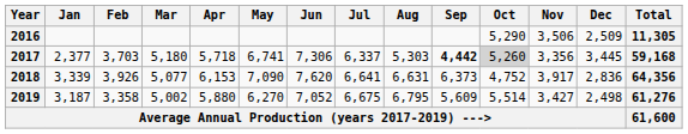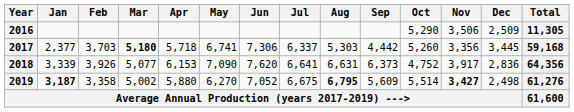 <table class=wikitable style="text-align:right; font-size:0.9em; width:650px;">
 <tr>
 <th>Year</th>
 <th>Jan</th>
 <th>Feb</th>
 <th>Mar</th>
 <th>Apr</th>
 <th>May</th>
 <th>Jun</th>
 <th>Jul</th>
 <th>Aug</th>
 <th>Sep</th>
 <th>Oct</th>
 <th>Nov</th>
 <th>Dec</th>
 <th>Total</th>
 </tr>
 <tr>
 <th>2016</th>
 <td></td>
 <td></td>
 <td></td>
 <td></td>
 <td></td>
 <td></td>
 <td></td>
 <td></td>
 <td></td>
 <td>5,290</td>
 <td>3,506</td>
 <td>2,509</td>
 <th>11,305</th>
 </tr>
 <tr>
 <th>2017</th>
 <td>2,377</td>
 <td>3,703</td>
-<td>5,180</td>
+<td><strong>5,180</strong></td>
 <td>5,718</td>
 <td>6,741</td>
 <td>7,306</td>
 <td>6,337</td>
 <td>5,303</td>
-<td><strong>4,442</strong></td>
-<td style="background: lightgrey;">5,260</td>
+<td>4,442</td>
+<td>5,260</td>
 <td>3,356</td>
 <td>3,445</td>
 <th>59,168</th>
 </tr>
 <tr>
 <th>2018</th>
 <td>3,339</td>
 <td>3,926</td>
 <td>5,077</td>
 <td>6,153</td>
 <td>7,090</td>
 <td>7,620</td>
 <td>6,641</td>
 <td>6,631</td>
 <td>6,373</td>
 <td>4,752</td>
 <td>3,917</td>
 <td>2,836</td>
 <th>64,356</th>
 </tr>
 <tr>
 <th>2019</th>
-<td>3,187</td>
+<td><strong>3,187</strong></td>
 <td>3,358</td>
 <td>5,002</td>
 <td>5,880</td>
 <td>6,270</td>
 <td>7,052</td>
 <td>6,675</td>
-<td>6,795</td>
+<td><strong>6,795</strong></td>
 <td>5,609</td>
 <td>5,514</td>
-<td>3,427</td>
+<td><strong>3,427</strong></td>
 <td>2,498</td>
 <th>61,276</th>
 </tr>
 <tr>
 <th colspan=13>Average Annual Production (years 2017-2019) ---></th>
 <th>61,600</th>
 </tr>
 </table>
